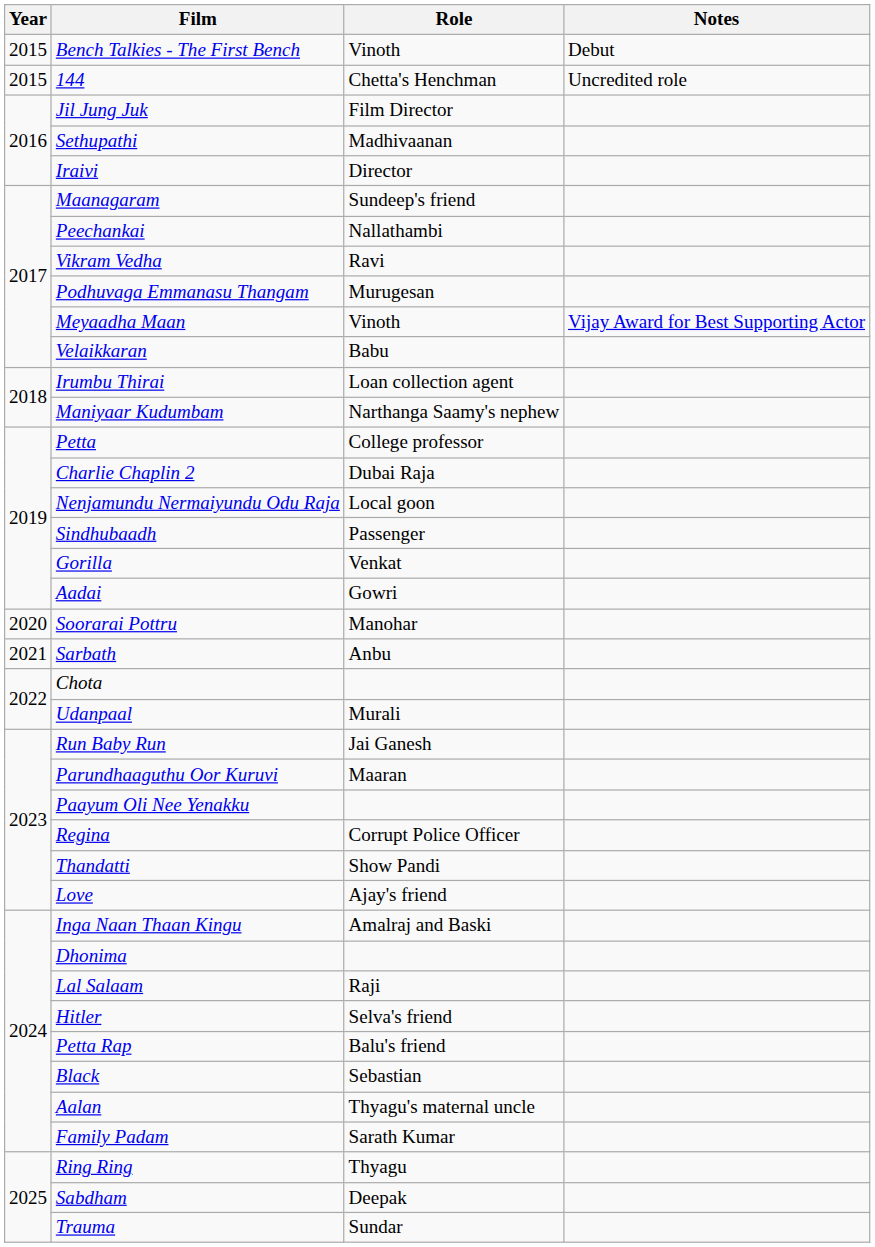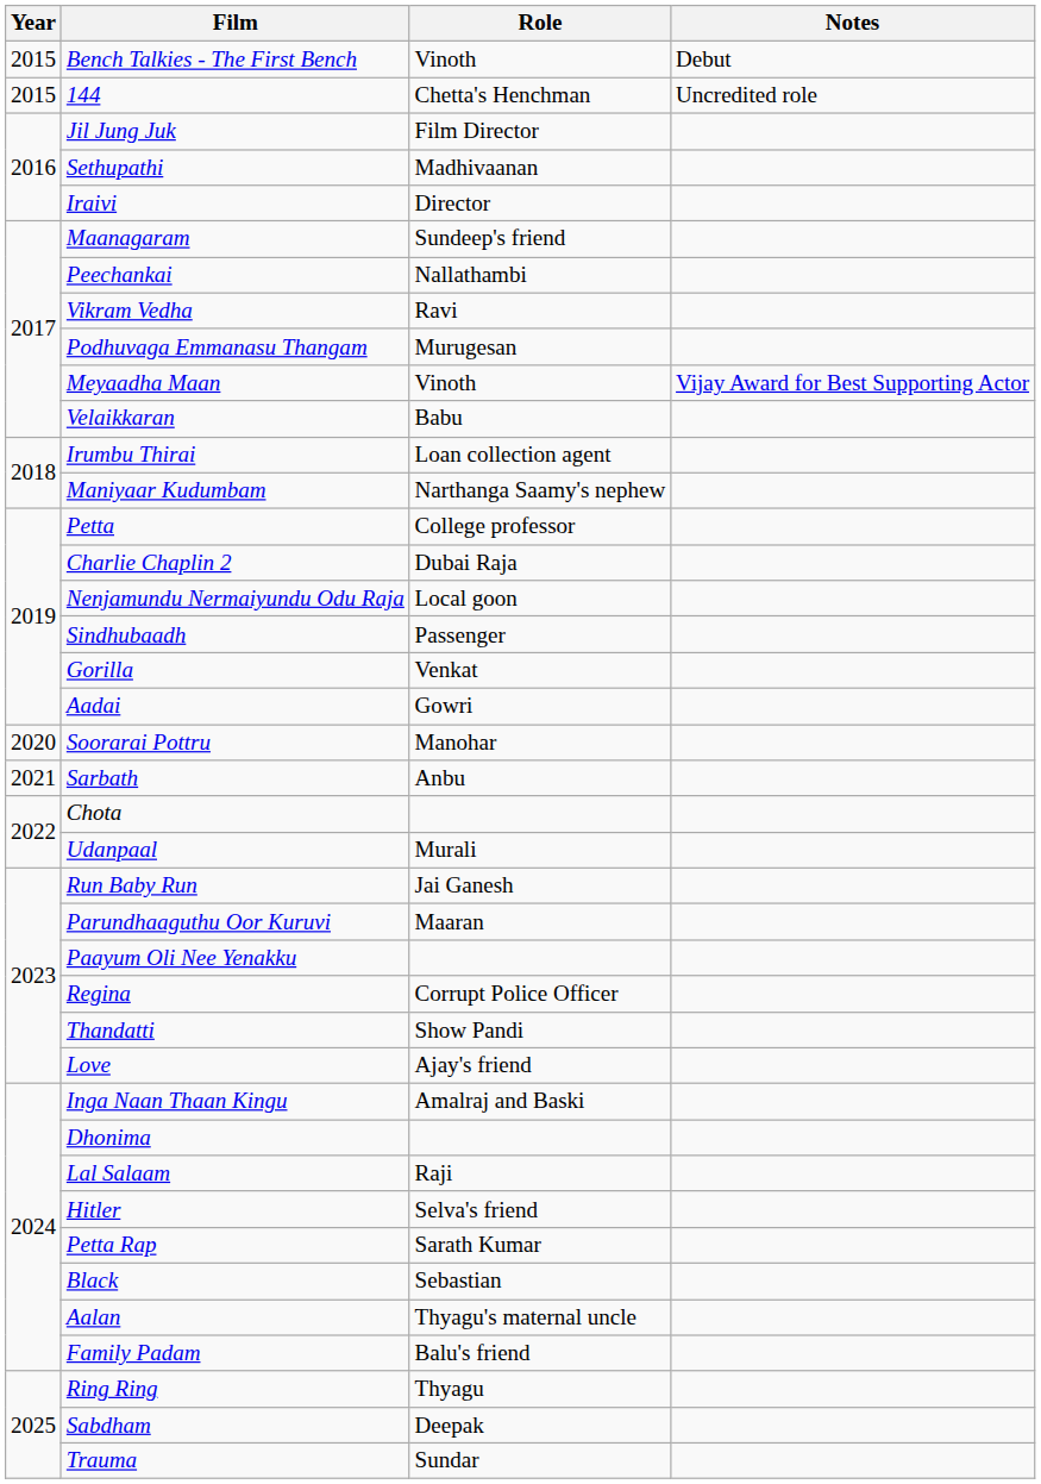 <table class="wikitable sortable">
 <tr>
 <th scope="col">Year</th>
 <th scope="col">Film</th>
 <th scope="col">Role</th>
 <th scope="col" class="unsortable">Notes</th>
 </tr>
 <tr>
 <td>2015</td>
 <td><em><a href='#'>Bench Talkies - The First Bench</a></em></td>
 <td>Vinoth</td>
 <td>Debut</td>
 </tr>
 <tr>
 <td>2015</td>
 <td><em><a href='#'>144</a> </em></td>
 <td>Chetta's Henchman</td>
 <td>Uncredited role</td>
 </tr>
 <tr>
 <td rowspan="3">2016</td>
 <td><em><a href='#'>Jil Jung Juk</a></em></td>
 <td>Film Director</td>
 <td></td>
 </tr>
 <tr>
 <td><em><a href='#'>Sethupathi</a></em></td>
 <td>Madhivaanan</td>
 <td></td>
 </tr>
 <tr>
 <td><em><a href='#'>Iraivi</a></em></td>
 <td>Director</td>
 <td></td>
 </tr>
 <tr>
 <td rowspan="6">2017</td>
 <td><em><a href='#'>Maanagaram</a></em></td>
 <td>Sundeep's friend</td>
 <td></td>
 </tr>
 <tr>
 <td><em><a href='#'>Peechankai</a></em></td>
 <td>Nallathambi</td>
 <td></td>
 </tr>
 <tr>
 <td><em><a href='#'>Vikram Vedha</a></em></td>
 <td>Ravi</td>
 <td></td>
 </tr>
 <tr>
 <td><em><a href='#'>Podhuvaga Emmanasu Thangam</a></em></td>
 <td>Murugesan</td>
 <td></td>
 </tr>
 <tr>
 <td><em><a href='#'>Meyaadha Maan</a></em></td>
 <td>Vinoth</td>
 <td><a href='#'>Vijay Award for Best Supporting Actor</a></td>
 </tr>
 <tr>
 <td><em><a href='#'>Velaikkaran</a></em></td>
 <td>Babu</td>
 <td></td>
 </tr>
 <tr>
 <td rowspan="2">2018</td>
 <td><em><a href='#'>Irumbu Thirai</a></em></td>
 <td>Loan collection agent</td>
 <td></td>
 </tr>
 <tr>
 <td><em><a href='#'>Maniyaar Kudumbam</a></em></td>
 <td>Narthanga Saamy's nephew</td>
 <td></td>
 </tr>
 <tr>
 <td rowspan="6">2019</td>
 <td><em><a href='#'>Petta</a></em></td>
 <td>College professor</td>
 <td></td>
 </tr>
 <tr>
 <td><em><a href='#'>Charlie Chaplin 2</a></em></td>
 <td>Dubai Raja</td>
 <td></td>
 </tr>
 <tr>
 <td><em><a href='#'>Nenjamundu Nermaiyundu Odu Raja</a></em></td>
 <td>Local goon</td>
 <td></td>
 </tr>
 <tr>
 <td><em><a href='#'>Sindhubaadh</a></em></td>
 <td>Passenger</td>
 <td></td>
 </tr>
 <tr>
 <td><em><a href='#'>Gorilla</a></em></td>
 <td>Venkat</td>
 <td></td>
 </tr>
 <tr>
 <td><em><a href='#'>Aadai</a></em></td>
 <td>Gowri</td>
 <td></td>
 </tr>
 <tr>
 <td>2020</td>
 <td><em><a href='#'>Soorarai Pottru</a></em></td>
 <td>Manohar</td>
 <td></td>
 </tr>
 <tr>
 <td>2021</td>
 <td><em><a href='#'>Sarbath</a></em></td>
 <td>Anbu</td>
 <td></td>
 </tr>
 <tr>
 <td rowspan="2">2022</td>
 <td><em>Chota</em></td>
 <td></td>
 <td></td>
 </tr>
 <tr>
 <td><em><a href='#'>Udanpaal</a></em></td>
 <td>Murali</td>
 <td></td>
 </tr>
 <tr>
 <td rowspan="6">2023</td>
 <td><em><a href='#'>Run Baby Run</a></em></td>
 <td>Jai Ganesh</td>
 <td></td>
 </tr>
 <tr>
 <td><em><a href='#'>Parundhaaguthu Oor Kuruvi</a></em></td>
 <td>Maaran</td>
 <td></td>
 </tr>
 <tr>
 <td><em><a href='#'>Paayum Oli Nee Yenakku</a></em></td>
 <td></td>
 <td></td>
 </tr>
 <tr>
 <td><em><a href='#'>Regina</a></em></td>
 <td>Corrupt Police Officer</td>
 <td></td>
 </tr>
 <tr>
 <td><em><a href='#'>Thandatti</a></em></td>
 <td>Show Pandi</td>
 <td></td>
 </tr>
 <tr>
 <td><em><a href='#'>Love</a></em></td>
 <td>Ajay's friend</td>
 <td></td>
 </tr>
 <tr>
 <td rowspan="8">2024</td>
 <td><em><a href='#'>Inga Naan Thaan Kingu</a></em></td>
 <td>Amalraj and Baski</td>
 <td></td>
 </tr>
 <tr>
 <td><em><a href='#'>Dhonima</a></em></td>
 <td></td>
 <td></td>
 </tr>
 <tr>
 <td><em><a href='#'>Lal Salaam</a></em></td>
 <td>Raji</td>
 <td></td>
 </tr>
 <tr>
 <td><em><a href='#'>Hitler</a></em></td>
 <td>Selva's friend</td>
 <td></td>
 </tr>
 <tr>
 <td><em><a href='#'>Petta Rap</a></em></td>
-<td>Balu's friend</td>
+<td>Sarath Kumar</td>
 <td></td>
 </tr>
 <tr>
 <td><em><a href='#'>Black</a></em></td>
 <td>Sebastian</td>
 <td></td>
 </tr>
 <tr>
 <td><em><a href='#'>Aalan</a></em></td>
 <td>Thyagu's maternal uncle</td>
 <td></td>
 </tr>
 <tr>
 <td><em><a href='#'>Family Padam</a></em></td>
-<td>Sarath Kumar</td>
+<td>Balu's friend</td>
 <td></td>
 </tr>
 <tr>
 <td rowspan="3">2025</td>
 <td><em><a href='#'>Ring Ring</a></em></td>
 <td>Thyagu</td>
 <td></td>
 </tr>
 <tr>
 <td><em><a href='#'>Sabdham</a></em></td>
 <td>Deepak</td>
 <td></td>
 </tr>
 <tr>
 <td><em><a href='#'>Trauma</a></em></td>
 <td>Sundar</td>
 <td></td>
 </tr>
 </table>
